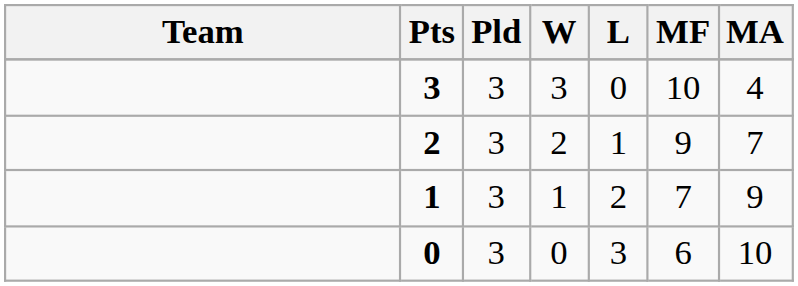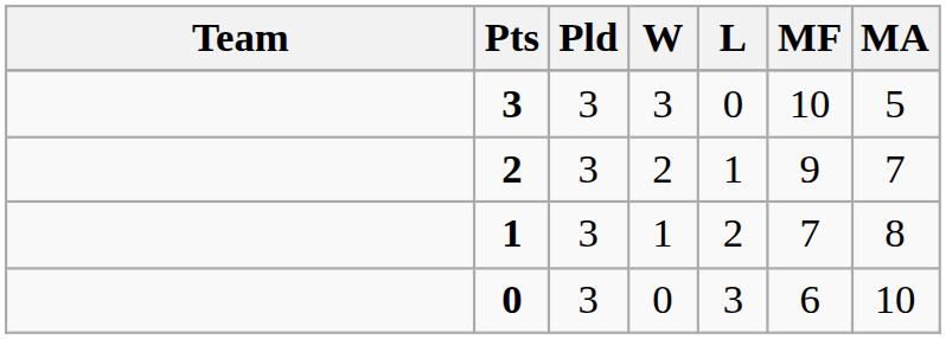 <table class=wikitable style="text-align:center">
 <tr>
 <th width=175>Team</th>
 <th width=20>Pts</th>
 <th width=20>Pld</th>
 <th width=20>W</th>
 <th width=20>L</th>
 <th width=20>MF</th>
 <th width=20>MA</th>
 </tr>
 <tr>
 </tr>
 <tr>
 <td style="text-align:left"></td>
 <td><strong>3</strong></td>
 <td>3</td>
 <td>3</td>
 <td>0</td>
 <td>10</td>
-<td>4</td>
+<td>5</td>
 </tr>
 <tr>
 <td style="text-align:left"></td>
 <td><strong>2</strong></td>
 <td>3</td>
 <td>2</td>
 <td>1</td>
 <td>9</td>
 <td>7</td>
 </tr>
 <tr>
 <td style="text-align:left"></td>
 <td><strong>1</strong></td>
 <td>3</td>
 <td>1</td>
 <td>2</td>
 <td>7</td>
-<td>9</td>
+<td>8</td>
 </tr>
 <tr>
 <td style="text-align:left"></td>
 <td><strong>0</strong></td>
 <td>3</td>
 <td>0</td>
 <td>3</td>
 <td>6</td>
 <td>10</td>
 </tr>
 </table>
